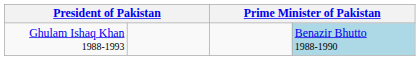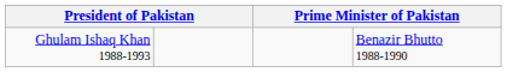 <table class="wikitable">
 <tr>
 <th colspan="2" width="270"><a href='#'>President of Pakistan</a></th>
 <th colspan="2" width="270"><a href='#'>Prime Minister of Pakistan</a></th>
 </tr>
 <tr>
 <td align="right"><a href='#'>Ghulam Ishaq Khan</a><br><small>1988-1993</small></td>
 <td width="104" align="center"></td>
 <td width="104" align="center"></td>
-<td align="left" style="background: lightblue;"><a href='#'>Benazir Bhutto</a><br><small>1988-1990</small></td>
+<td align="left"><a href='#'>Benazir Bhutto</a><br><small>1988-1990</small></td>
 </tr>
 </table>
